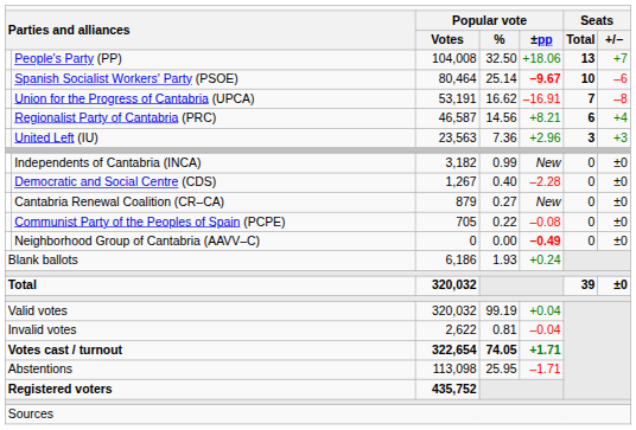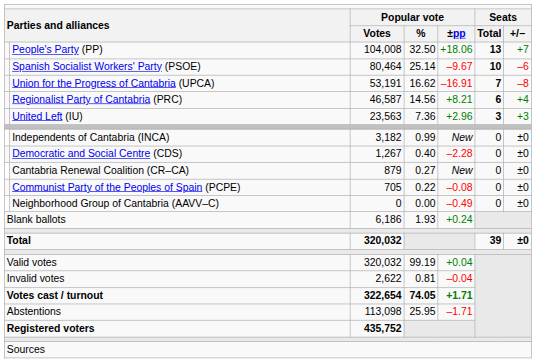 <table class="wikitable" style="text-align:right;">
 <tr>
 <td colspan="7"></td>
 </tr>
 <tr>
 <th style="text-align:left;" rowspan="2" colspan="2" width="525">Parties and alliances</th>
 <th colspan="3">Popular vote</th>
 <th colspan="2">Seats</th>
 </tr>
 <tr>
 <th width="75">Votes</th>
 <th width="45">%</th>
 <th width="45">±<a href='#'>pp</a></th>
 <th width="35">Total</th>
 <th width="35">+/−</th>
 </tr>
 <tr>
 <td width="1" style="color:inherit;background:"></td>
 <td align="left"><a href='#'>People's Party</a> (PP)</td>
 <td>104,008</td>
 <td>32.50</td>
 <td style="color:green;">+18.06</td>
 <td><strong>13</strong></td>
 <td style="color:green;">+7</td>
 </tr>
 <tr>
 <td style="color:inherit;background:"></td>
 <td align="left"><a href='#'>Spanish Socialist Workers' Party</a> (PSOE)</td>
 <td>80,464</td>
 <td>25.14</td>
-<td style="color:red;"><strong>–9.67</strong></td>
+<td style="color:red;">–9.67</td>
 <td><strong>10</strong></td>
 <td style="color:red;">–6</td>
 </tr>
 <tr>
 <td style="color:inherit;background:"></td>
 <td align="left"><a href='#'>Union for the Progress of Cantabria</a> (UPCA)</td>
 <td>53,191</td>
 <td>16.62</td>
 <td style="color:red;">–16.91</td>
 <td><strong>7</strong></td>
 <td style="color:red;">–8</td>
 </tr>
 <tr>
 <td style="color:inherit;background:"></td>
 <td align="left"><a href='#'>Regionalist Party of Cantabria</a> (PRC)</td>
 <td>46,587</td>
 <td>14.56</td>
 <td style="color:green;">+8.21</td>
 <td><strong>6</strong></td>
 <td style="color:green;">+4</td>
 </tr>
 <tr>
 <td style="color:inherit;background:"></td>
 <td align="left"><a href='#'>United Left</a> (IU)</td>
 <td>23,563</td>
 <td>7.36</td>
 <td style="color:green;">+2.96</td>
 <td><strong>3</strong></td>
 <td style="color:green;">+3</td>
 </tr>
 <tr>
 <td colspan="7" bgcolor="#C0C0C0"></td>
 </tr>
 <tr>
 <td bgcolor="white"></td>
 <td align="left">Independents of Cantabria (INCA)</td>
 <td>3,182</td>
 <td>0.99</td>
 <td><em>New</em></td>
 <td>0</td>
 <td>±0</td>
 </tr>
 <tr>
 <td style="color:inherit;background:"></td>
 <td align="left"><a href='#'>Democratic and Social Centre</a> (CDS)</td>
 <td>1,267</td>
 <td>0.40</td>
 <td style="color:red;">–2.28</td>
 <td>0</td>
 <td>±0</td>
 </tr>
 <tr>
 <td bgcolor="white"></td>
 <td align="left">Cantabria Renewal Coalition (CR–CA)</td>
 <td>879</td>
 <td>0.27</td>
 <td><em>New</em></td>
 <td>0</td>
 <td>±0</td>
 </tr>
 <tr>
 <td style="color:inherit;background:"></td>
 <td align="left"><a href='#'>Communist Party of the Peoples of Spain</a> (PCPE)</td>
 <td>705</td>
 <td>0.22</td>
 <td style="color:red;">–0.08</td>
 <td>0</td>
 <td>±0</td>
 </tr>
 <tr>
 <td bgcolor="white"></td>
 <td align="left">Neighborhood Group of Cantabria (AAVV–C)</td>
 <td>0</td>
 <td>0.00</td>
-<td style="color:red;"><strong>–0.49</strong></td>
+<td style="color:red;">–0.49</td>
 <td>0</td>
 <td>±0</td>
 </tr>
 <tr>
 <td align="left" colspan="2">Blank ballots</td>
 <td>6,186</td>
 <td>1.93</td>
 <td style="color:green;">+0.24</td>
 <td bgcolor="#E9E9E9" colspan="2"></td>
 </tr>
 <tr>
 <td colspan="7" bgcolor="#E9E9E9"></td>
 </tr>
 <tr style="font-weight:bold;">
 <td align="left" colspan="2">Total</td>
 <td>320,032</td>
 <td bgcolor="#E9E9E9" colspan="2"></td>
 <td>39</td>
 <td>±0</td>
 </tr>
 <tr>
 <td colspan="7" bgcolor="#E9E9E9"></td>
 </tr>
 <tr>
 <td align="left" colspan="2">Valid votes</td>
 <td>320,032</td>
 <td>99.19</td>
 <td style="color:green;">+0.04</td>
 <td bgcolor="#E9E9E9" colspan="2" rowspan="5"></td>
 </tr>
 <tr>
 <td align="left" colspan="2">Invalid votes</td>
 <td>2,622</td>
 <td>0.81</td>
 <td style="color:red;">–0.04</td>
 </tr>
 <tr style="font-weight:bold;">
 <td align="left" colspan="2">Votes cast / turnout</td>
 <td>322,654</td>
 <td>74.05</td>
 <td style="color:green;">+1.71</td>
 </tr>
 <tr>
 <td align="left" colspan="2">Abstentions</td>
 <td>113,098</td>
 <td>25.95</td>
 <td style="color:red;">–1.71</td>
 </tr>
 <tr style="font-weight:bold;">
 <td align="left" colspan="2">Registered voters</td>
 <td>435,752</td>
 <td bgcolor="#E9E9E9" colspan="2"></td>
 </tr>
 <tr>
 <td colspan="7" bgcolor="#E9E9E9"></td>
 </tr>
 <tr>
 <td align="left" colspan="7">Sources</td>
 </tr>
 </table>
